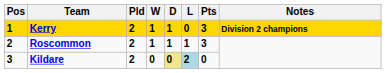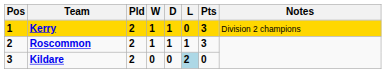 <table class="wikitable" style="text-align: centre;">
 <tr>
 <th width=20>Pos</th>
 <th width=150>Team</th>
 <th width=20>Pld</th>
 <th width=20>W</th>
 <th width=20>D</th>
 <th width=20>L</th>
 <th width=20>Pts</th>
 <th width=250>Notes</th>
 </tr>
 <tr style="background:gold;">
 <td><strong>1</strong></td>
 <td align=left><strong> <a href='#'>Kerry</a> </strong></td>
 <td><strong>2</strong></td>
 <td><strong>1</strong></td>
 <td><strong>1</strong></td>
 <td><strong>0</strong></td>
 <td><strong>3</strong></td>
-<td><strong><small>Division 2 champions</small></strong></td>
+<td><small>Division 2 champions</small></td>
 </tr>
 <tr>
 <td><strong>2</strong></td>
 <td align=left><strong> <a href='#'>Roscommon</a> </strong></td>
 <td><strong>2</strong></td>
 <td><strong>1</strong></td>
 <td><strong>1</strong></td>
 <td><strong>1</strong></td>
 <td><strong>3</strong></td>
 </tr>
 <tr>
 <td><strong>3</strong></td>
 <td align=left><strong> <a href='#'>Kildare</a> </strong></td>
 <td><strong>2</strong></td>
 <td><strong>0</strong></td>
-<td style="background: khaki;"><strong>0</strong></td>
+<td><strong>0</strong></td>
 <td style="background: lightblue;"><strong>2</strong></td>
 <td><strong>0</strong></td>
 </tr>
 </table>
